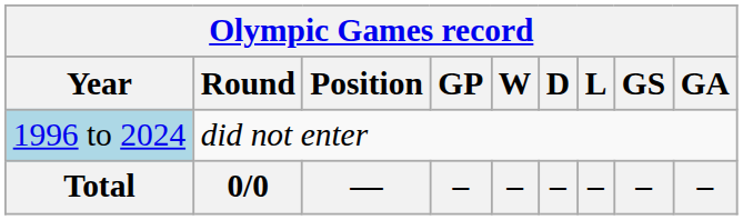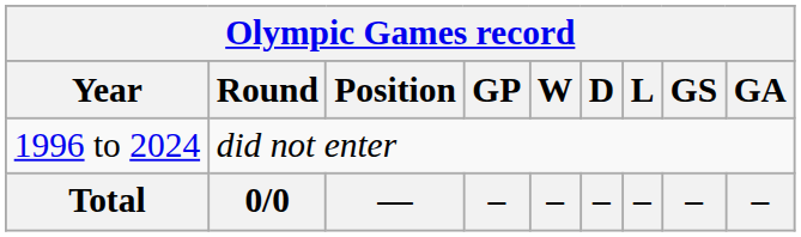 <table class="wikitable" style="text-align: centre;">
 <tr>
 <th colspan=9><a href='#'>Olympic Games record</a></th>
 </tr>
 <tr>
 <th>Year</th>
 <th>Round</th>
 <th>Position</th>
 <th>GP</th>
 <th>W</th>
 <th>D</th>
 <th>L</th>
 <th>GS</th>
 <th>GA</th>
 </tr>
 <tr>
-<td style="background: lightblue;"> <a href='#'>1996</a> to  <a href='#'>2024</a></td>
+<td> <a href='#'>1996</a> to  <a href='#'>2024</a></td>
 <td rowspan="1" colspan="8"><em>did not enter</em></td>
 </tr>
 <tr>
 <th>Total</th>
 <th>0/0</th>
 <th>—</th>
 <th>–</th>
 <th>–</th>
 <th>–</th>
 <th>–</th>
 <th>–</th>
 <th>–</th>
 </tr>
 </table>
